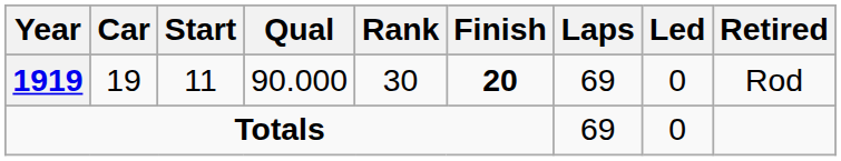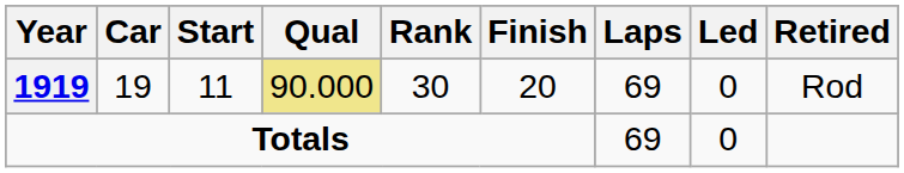 <table class="wikitable" style="text-align:center">
 <tr>
 <th>Year</th>
 <th>Car</th>
 <th>Start</th>
 <th>Qual</th>
 <th>Rank</th>
 <th>Finish</th>
 <th>Laps</th>
 <th>Led</th>
 <th>Retired</th>
 </tr>
 <tr>
 <th><a href='#'>1919</a></th>
 <td>19</td>
 <td>11</td>
-<td>90.000</td>
+<td style="background: khaki;">90.000</td>
 <td>30</td>
-<td><strong>20</strong></td>
+<td>20</td>
 <td>69</td>
 <td>0</td>
 <td>Rod</td>
 </tr>
 <tr>
 <td colspan=6><strong>Totals</strong></td>
 <td>69</td>
 <td>0</td>
 <td></td>
 </tr>
 </table>
